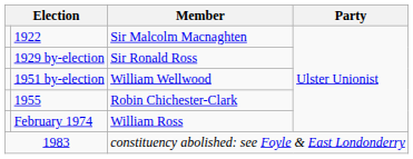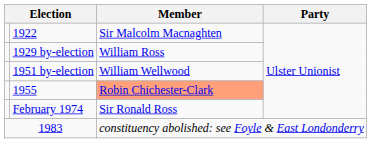 <table class="wikitable">
 <tr>
 <th colspan="2">Election</th>
 <th>Member</th>
 <th>Party</th>
 </tr>
 <tr>
 <td style="color:inherit;background-color: "></td>
 <td><a href='#'>1922</a></td>
 <td><a href='#'>Sir Malcolm Macnaghten</a></td>
 <td rowspan="5"><a href='#'>Ulster Unionist</a></td>
 </tr>
 <tr>
 <td style="color:inherit;background-color: "></td>
 <td><a href='#'>1929 by-election</a></td>
-<td><a href='#'>Sir Ronald Ross</a></td>
+<td><a href='#'>William Ross</a></td>
 </tr>
 <tr>
 <td style="color:inherit;background-color: "></td>
 <td><a href='#'>1951 by-election</a></td>
 <td><a href='#'>William Wellwood</a></td>
 </tr>
 <tr>
 <td style="color:inherit;background-color: "></td>
 <td><a href='#'>1955</a></td>
-<td><a href='#'>Robin Chichester-Clark</a></td>
+<td style="background: lightsalmon;"><a href='#'>Robin Chichester-Clark</a></td>
 </tr>
 <tr>
 <td style="color:inherit;background-color: "></td>
 <td><a href='#'>February 1974</a></td>
-<td><a href='#'>William Ross</a></td>
+<td><a href='#'>Sir Ronald Ross</a></td>
 </tr>
 <tr>
 <td colspan="2" align="center"><a href='#'>1983</a></td>
 <td colspan="2"><em>constituency abolished: see <a href='#'>Foyle</a> & <a href='#'>East Londonderry</a></em></td>
 </tr>
 </table>
